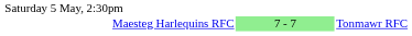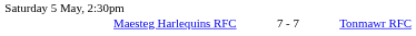 <table style="width:70%;" cellspacing="1">
 <tr>
 <th width=35%></th>
 <th width=15%></th>
 <th></th>
 </tr>
 <tr>
 <td>Saturday 5 May, 2:30pm</td>
 </tr>
 <tr>
 <td align=right><a href='#'>Maesteg Harlequins RFC</a></td>
-<td align=center style="background: lightgreen;">7 - 7</td>
+<td align=center>7 - 7</td>
 <td><a href='#'>Tonmawr RFC</a></td>
 </tr>
 </table>
